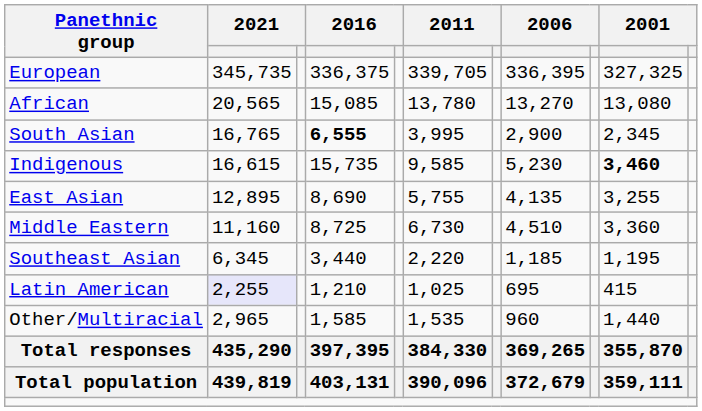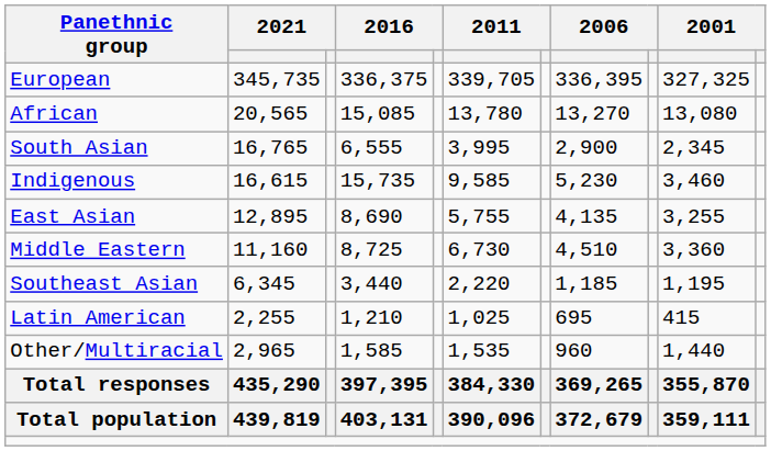 <table class="wikitable collapsible sortable">
 <tr>
 <th rowspan="2"><a href='#'>Panethnic</a><br>group</th>
 <th colspan="2">2021</th>
 <th colspan="2">2016</th>
 <th colspan="2">2011</th>
 <th colspan="2">2006</th>
 <th colspan="2">2001</th>
 </tr>
 <tr>
 <th><a href='#'></a></th>
 <th></th>
 <th></th>
 <th></th>
 <th></th>
 <th></th>
 <th></th>
 <th></th>
 <th></th>
 <th></th>
 </tr>
 <tr>
 <td><a href='#'>European</a></td>
 <td>345,735</td>
 <td></td>
 <td>336,375</td>
 <td></td>
 <td>339,705</td>
 <td></td>
 <td>336,395</td>
 <td></td>
 <td>327,325</td>
 <td></td>
 </tr>
 <tr>
 <td><a href='#'>African</a></td>
 <td>20,565</td>
 <td></td>
 <td>15,085</td>
 <td></td>
 <td>13,780</td>
 <td></td>
 <td>13,270</td>
 <td></td>
 <td>13,080</td>
 <td></td>
 </tr>
 <tr>
 <td><a href='#'>South Asian</a></td>
 <td>16,765</td>
 <td></td>
-<td><strong>6,555</strong></td>
+<td>6,555</td>
 <td></td>
 <td>3,995</td>
 <td></td>
 <td>2,900</td>
 <td></td>
 <td>2,345</td>
 <td></td>
 </tr>
 <tr>
 <td><a href='#'>Indigenous</a></td>
 <td>16,615</td>
 <td></td>
 <td>15,735</td>
 <td></td>
 <td>9,585</td>
 <td></td>
 <td>5,230</td>
 <td></td>
-<td><strong>3,460</strong></td>
+<td>3,460</td>
 <td></td>
 </tr>
 <tr>
 <td><a href='#'>East Asian</a></td>
 <td>12,895</td>
 <td></td>
 <td>8,690</td>
 <td></td>
 <td>5,755</td>
 <td></td>
 <td>4,135</td>
 <td></td>
 <td>3,255</td>
 <td></td>
 </tr>
 <tr>
 <td><a href='#'>Middle Eastern</a></td>
 <td>11,160</td>
 <td></td>
 <td>8,725</td>
 <td></td>
 <td>6,730</td>
 <td></td>
 <td>4,510</td>
 <td></td>
 <td>3,360</td>
 <td></td>
 </tr>
 <tr>
 <td><a href='#'>Southeast Asian</a></td>
 <td>6,345</td>
 <td></td>
 <td>3,440</td>
 <td></td>
 <td>2,220</td>
 <td></td>
 <td>1,185</td>
 <td></td>
 <td>1,195</td>
 <td></td>
 </tr>
 <tr>
 <td><a href='#'>Latin American</a></td>
-<td style="background: lavender;">2,255</td>
+<td>2,255</td>
 <td></td>
 <td>1,210</td>
 <td></td>
 <td>1,025</td>
 <td></td>
 <td>695</td>
 <td></td>
 <td>415</td>
 <td></td>
 </tr>
 <tr>
 <td>Other/<a href='#'>Multiracial</a></td>
 <td>2,965</td>
 <td></td>
 <td>1,585</td>
 <td></td>
 <td>1,535</td>
 <td></td>
 <td>960</td>
 <td></td>
 <td>1,440</td>
 <td></td>
 </tr>
 <tr>
 <th>Total responses</th>
 <th>435,290</th>
 <th></th>
 <th>397,395</th>
 <th></th>
 <th>384,330</th>
 <th></th>
 <th>369,265</th>
 <th></th>
 <th>355,870</th>
 <th></th>
 </tr>
 <tr>
 <th>Total population</th>
 <th>439,819</th>
 <th></th>
 <th>403,131</th>
 <th></th>
 <th>390,096</th>
 <th></th>
 <th>372,679</th>
 <th></th>
 <th>359,111</th>
 <th></th>
 </tr>
 <tr class="sortbottom">
 <td colspan="15"></td>
 </tr>
 </table>
